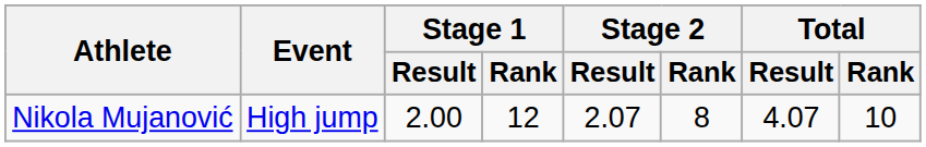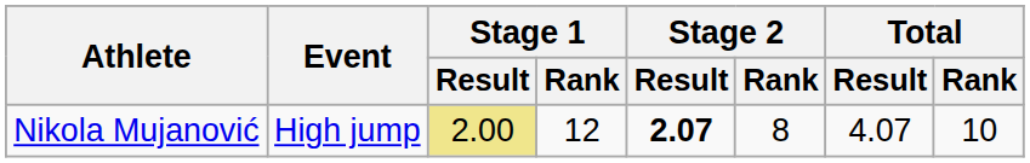 <table class="wikitable" style="font-size:90%">
 <tr>
 <th rowspan=2>Athlete</th>
 <th rowspan=2>Event</th>
 <th colspan=2>Stage 1</th>
 <th colspan=2>Stage 2</th>
 <th colspan=2>Total</th>
 </tr>
 <tr style="font-size:95%">
 <th>Result</th>
 <th>Rank</th>
 <th>Result</th>
 <th>Rank</th>
 <th>Result</th>
 <th>Rank</th>
 </tr>
 <tr align=center>
 <td align=left><a href='#'>Nikola Mujanović</a></td>
 <td align=left><a href='#'>High jump</a></td>
-<td>2.00</td>
+<td style="background: khaki;">2.00</td>
 <td>12</td>
-<td>2.07</td>
+<td><strong>2.07</strong></td>
 <td>8</td>
 <td>4.07</td>
 <td>10</td>
 </tr>
 </table>
